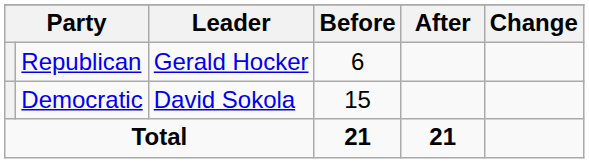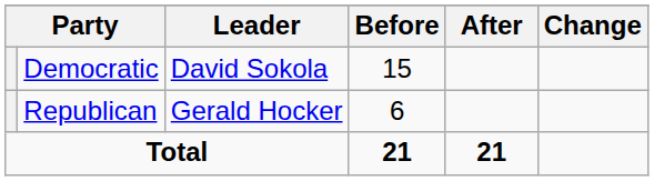 <table class="wikitable" style="text-align:center;">
 <tr>
 </tr>
 <tr>
 <th colspan="2">Party</th>
 <th>Leader</th>
 <th style="width:3em">Before</th>
 <th style="width:3em">After</th>
 <th style="width:3em">Change</th>
 </tr>
 <tr>
 <th style="background-color:"></th>
-<td style="text-align:left;"><a href='#'>Republican</a></td>
-<td style="text-align:left;"><a href='#'>Gerald Hocker</a></td>
-<td>6</td>
+<td style="text-align:left;"><a href='#'>Democratic</a></td>
+<td style="text-align:left;"><a href='#'>David Sokola</a></td>
+<td>15</td>
 <td></td>
 <td></td>
 </tr>
 <tr>
 <th style="background-color:"></th>
-<td style="text-align:left;"><a href='#'>Democratic</a></td>
-<td style="text-align:left;"><a href='#'>David Sokola</a></td>
-<td>15</td>
+<td style="text-align:left;"><a href='#'>Republican</a></td>
+<td style="text-align:left;"><a href='#'>Gerald Hocker</a></td>
+<td>6</td>
 <td></td>
 <td></td>
 </tr>
 <tr>
 <td colspan="3"><strong>Total</strong></td>
 <td><strong>21</strong></td>
 <td><strong>21</strong></td>
 <td></td>
 </tr>
 </table>
